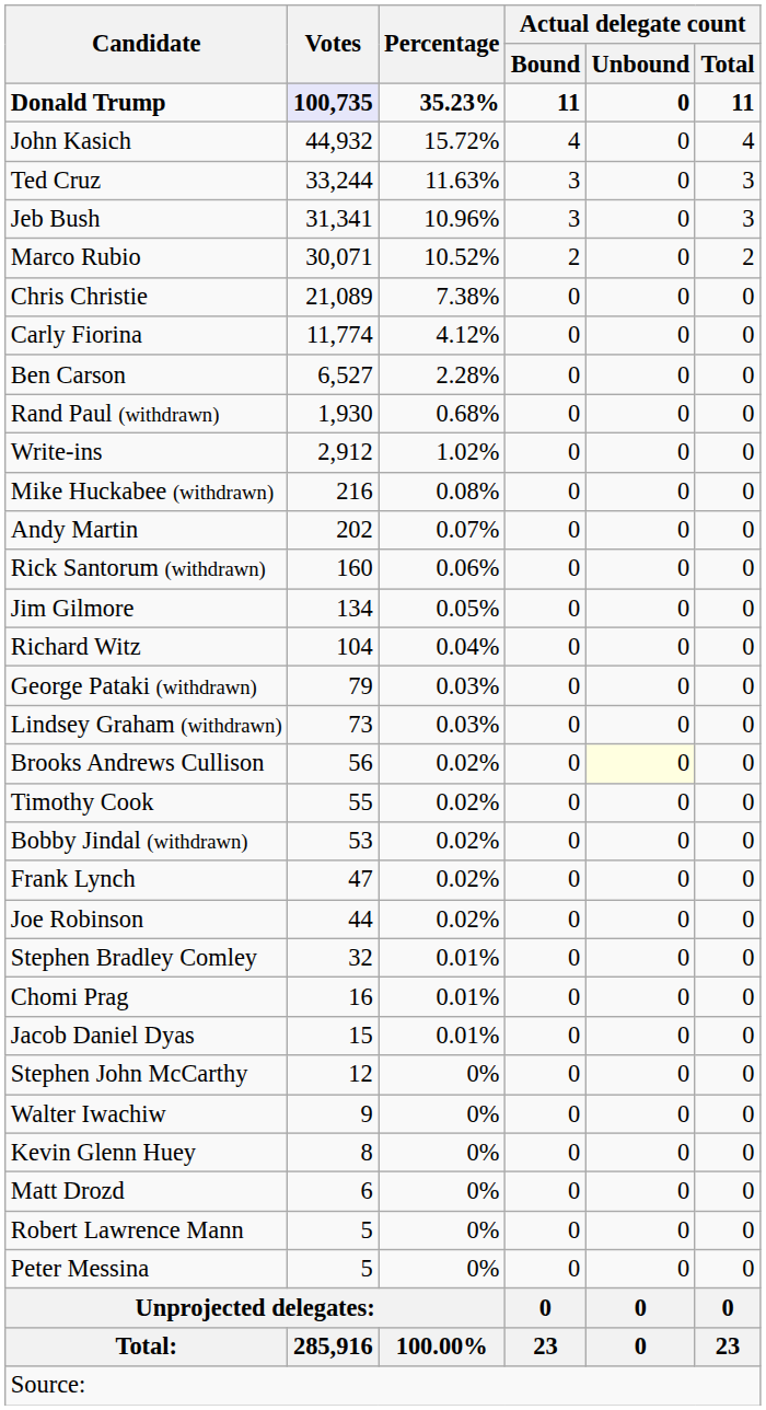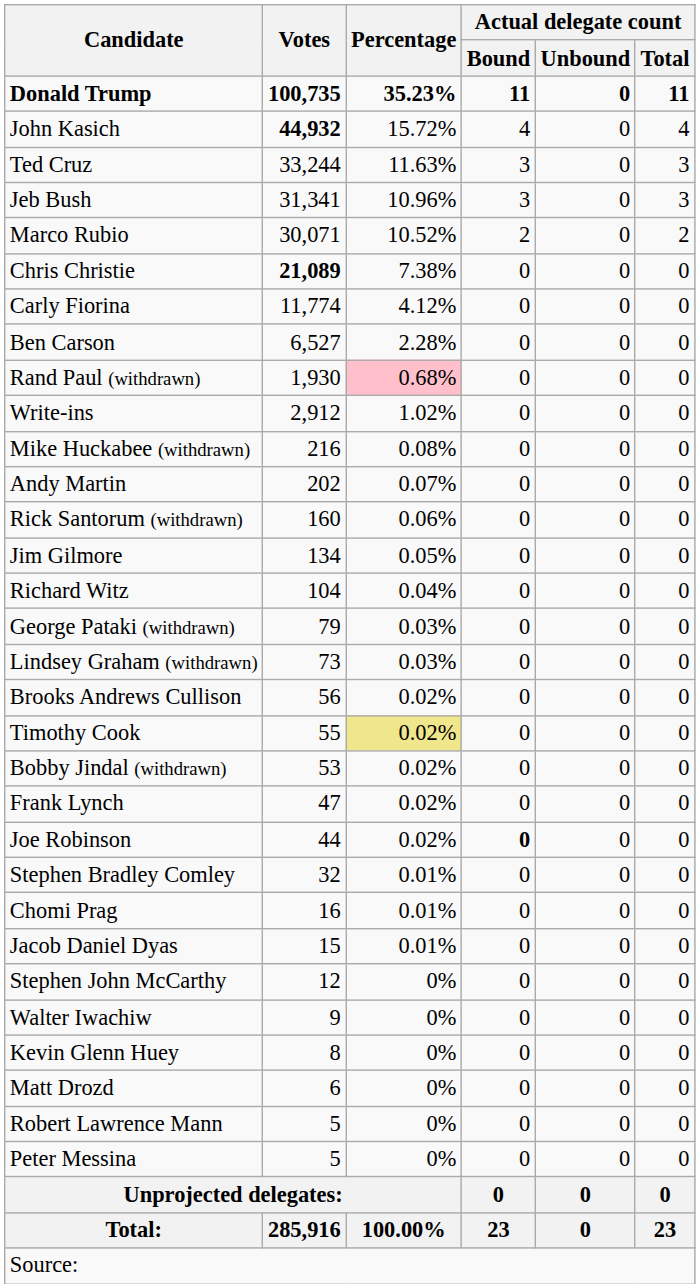 <table class="wikitable" style="text-align:right;">
 <tr>
 <th rowspan="2">Candidate</th>
 <th rowspan="2">Votes</th>
 <th rowspan="2">Percentage</th>
 <th colspan="3">Actual delegate count</th>
 </tr>
 <tr>
 <th>Bound</th>
 <th>Unbound</th>
 <th>Total</th>
 </tr>
 <tr>
 <td style="text-align:left;"><strong>Donald Trump</strong></td>
-<td style="background: lavender;"><strong>100,735</strong></td>
+<td><strong>100,735</strong></td>
 <td><strong>35.23%</strong></td>
 <td><strong>11</strong></td>
 <td><strong>0</strong></td>
 <td><strong>11</strong></td>
 </tr>
 <tr>
 <td style="text-align:left;">John Kasich</td>
-<td>44,932</td>
+<td><strong>44,932</strong></td>
 <td>15.72%</td>
 <td>4</td>
 <td>0</td>
 <td>4</td>
 </tr>
 <tr>
 <td style="text-align:left;">Ted Cruz</td>
 <td>33,244</td>
 <td>11.63%</td>
 <td>3</td>
 <td>0</td>
 <td>3</td>
 </tr>
 <tr>
 <td style="text-align:left;">Jeb Bush</td>
 <td>31,341</td>
 <td>10.96%</td>
 <td>3</td>
 <td>0</td>
 <td>3</td>
 </tr>
 <tr>
 <td style="text-align:left;">Marco Rubio</td>
 <td>30,071</td>
 <td>10.52%</td>
 <td>2</td>
 <td>0</td>
 <td>2</td>
 </tr>
 <tr>
 <td style="text-align:left;">Chris Christie</td>
-<td>21,089</td>
+<td><strong>21,089</strong></td>
 <td>7.38%</td>
 <td>0</td>
 <td>0</td>
 <td>0</td>
 </tr>
 <tr>
 <td style="text-align:left;">Carly Fiorina</td>
 <td>11,774</td>
 <td>4.12%</td>
 <td>0</td>
 <td>0</td>
 <td>0</td>
 </tr>
 <tr>
 <td style="text-align:left;">Ben Carson</td>
 <td>6,527</td>
 <td>2.28%</td>
 <td>0</td>
 <td>0</td>
 <td>0</td>
 </tr>
 <tr>
 <td style="text-align:left;">Rand Paul <small>(withdrawn)</small></td>
 <td>1,930</td>
-<td>0.68%</td>
+<td style="background: pink;">0.68%</td>
 <td>0</td>
 <td>0</td>
 <td>0</td>
 </tr>
 <tr>
 <td style="text-align:left;">Write-ins</td>
 <td>2,912</td>
 <td>1.02%</td>
 <td>0</td>
 <td>0</td>
 <td>0</td>
 </tr>
 <tr>
 <td style="text-align:left;">Mike Huckabee <small>(withdrawn)</small></td>
 <td>216</td>
 <td>0.08%</td>
 <td>0</td>
 <td>0</td>
 <td>0</td>
 </tr>
 <tr>
 <td style="text-align:left;">Andy Martin</td>
 <td>202</td>
 <td>0.07%</td>
 <td>0</td>
 <td>0</td>
 <td>0</td>
 </tr>
 <tr>
 <td style="text-align:left;">Rick Santorum <small>(withdrawn)</small></td>
 <td>160</td>
 <td>0.06%</td>
 <td>0</td>
 <td>0</td>
 <td>0</td>
 </tr>
 <tr>
 <td style="text-align:left;">Jim Gilmore</td>
 <td>134</td>
 <td>0.05%</td>
 <td>0</td>
 <td>0</td>
 <td>0</td>
 </tr>
 <tr>
 <td style="text-align:left;">Richard Witz</td>
 <td>104</td>
 <td>0.04%</td>
 <td>0</td>
 <td>0</td>
 <td>0</td>
 </tr>
 <tr>
 <td style="text-align:left;">George Pataki <small>(withdrawn)</small></td>
 <td>79</td>
 <td>0.03%</td>
 <td>0</td>
 <td>0</td>
 <td>0</td>
 </tr>
 <tr>
 <td style="text-align:left;">Lindsey Graham <small>(withdrawn)</small></td>
 <td>73</td>
 <td>0.03%</td>
 <td>0</td>
 <td>0</td>
 <td>0</td>
 </tr>
 <tr>
 <td style="text-align:left;">Brooks Andrews Cullison</td>
 <td>56</td>
 <td>0.02%</td>
 <td>0</td>
-<td style="background: lightyellow;">0</td>
+<td>0</td>
 <td>0</td>
 </tr>
 <tr>
 <td style="text-align:left;">Timothy Cook</td>
 <td>55</td>
-<td>0.02%</td>
+<td style="background: khaki;">0.02%</td>
 <td>0</td>
 <td>0</td>
 <td>0</td>
 </tr>
 <tr>
 <td style="text-align:left;">Bobby Jindal <small>(withdrawn)</small></td>
 <td>53</td>
 <td>0.02%</td>
 <td>0</td>
 <td>0</td>
 <td>0</td>
 </tr>
 <tr>
 <td style="text-align:left;">Frank Lynch</td>
 <td>47</td>
 <td>0.02%</td>
 <td>0</td>
 <td>0</td>
 <td>0</td>
 </tr>
 <tr>
 <td style="text-align:left;">Joe Robinson</td>
 <td>44</td>
 <td>0.02%</td>
-<td>0</td>
+<td><strong>0</strong></td>
 <td>0</td>
 <td>0</td>
 </tr>
 <tr>
 <td style="text-align:left;">Stephen Bradley Comley</td>
 <td>32</td>
 <td>0.01%</td>
 <td>0</td>
 <td>0</td>
 <td>0</td>
 </tr>
 <tr>
 <td style="text-align:left;">Chomi Prag</td>
 <td>16</td>
 <td>0.01%</td>
 <td>0</td>
 <td>0</td>
 <td>0</td>
 </tr>
 <tr>
 <td style="text-align:left;">Jacob Daniel Dyas</td>
 <td>15</td>
 <td>0.01%</td>
 <td>0</td>
 <td>0</td>
 <td>0</td>
 </tr>
 <tr>
 <td style="text-align:left;">Stephen John McCarthy</td>
 <td>12</td>
 <td>0%</td>
 <td>0</td>
 <td>0</td>
 <td>0</td>
 </tr>
 <tr>
 <td style="text-align:left;">Walter Iwachiw</td>
 <td>9</td>
 <td>0%</td>
 <td>0</td>
 <td>0</td>
 <td>0</td>
 </tr>
 <tr>
 <td style="text-align:left;">Kevin Glenn Huey</td>
 <td>8</td>
 <td>0%</td>
 <td>0</td>
 <td>0</td>
 <td>0</td>
 </tr>
 <tr>
 <td style="text-align:left;">Matt Drozd</td>
 <td>6</td>
 <td>0%</td>
 <td>0</td>
 <td>0</td>
 <td>0</td>
 </tr>
 <tr>
 <td style="text-align:left;">Robert Lawrence Mann</td>
 <td>5</td>
 <td>0%</td>
 <td>0</td>
 <td>0</td>
 <td>0</td>
 </tr>
 <tr>
 <td style="text-align:left;">Peter Messina</td>
 <td>5</td>
 <td>0%</td>
 <td>0</td>
 <td>0</td>
 <td>0</td>
 </tr>
 <tr style="background:#eee;">
 <th colspan="3">Unprojected delegates:</th>
 <th>0</th>
 <th>0</th>
 <th>0</th>
 </tr>
 <tr style="background:#eee;">
 <th>Total:</th>
 <th>285,916</th>
 <th>100.00%</th>
 <th>23</th>
 <th>0</th>
 <th>23</th>
 </tr>
 <tr>
 <td colspan="6" style="text-align:left;">Source: <em></em></td>
 </tr>
 </table>
